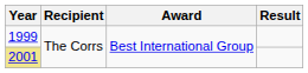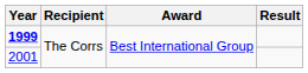 <table class="wikitable">
 <tr>
 <th>Year</th>
 <th>Recipient</th>
 <th>Award</th>
 <th>Result</th>
 </tr>
 <tr>
-<td><a href='#'>1999</a></td>
+<td><strong><a href='#'>1999</a></strong></td>
 <td rowspan="2">The Corrs</td>
 <td rowspan="2"><a href='#'>Best International Group</a></td>
 <td></td>
 </tr>
 <tr>
-<td style="background: khaki;"><a href='#'>2001</a></td>
+<td><a href='#'>2001</a></td>
 <td></td>
 </tr>
 </table>
